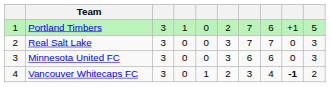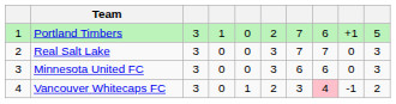 <table class="wikitable" style="text-align: center;">
 <tr>
 <th style="width:28px;"></th>
 <th style="width:200px;">Team</th>
 <th width="28"></th>
 <th width="28"></th>
 <th width="28"></th>
 <th width="28"></th>
 <th width="28"></th>
 <th width="28"></th>
 <th width="28"></th>
 <th width="28"></th>
 </tr>
 <tr bgcolor="#bbf3bb">
 <td>1</td>
 <td style="text-align:left;"><a href='#'>Portland Timbers</a></td>
 <td>3</td>
 <td>1</td>
 <td>0</td>
 <td>2</td>
 <td>7</td>
 <td>6</td>
 <td>+1</td>
 <td>5</td>
 </tr>
 <tr>
 <td>2</td>
 <td style="text-align:left;"><a href='#'>Real Salt Lake</a></td>
 <td>3</td>
 <td>0</td>
 <td>0</td>
 <td>3</td>
 <td>7</td>
 <td>7</td>
 <td>0</td>
 <td>3</td>
 </tr>
 <tr>
 <td>3</td>
 <td style="text-align:left;"><a href='#'>Minnesota United FC</a></td>
 <td>3</td>
 <td>0</td>
 <td>0</td>
 <td>3</td>
 <td>6</td>
 <td>6</td>
 <td>0</td>
 <td>3</td>
 </tr>
 <tr>
 <td>4</td>
 <td style="text-align:left;"><a href='#'>Vancouver Whitecaps FC</a></td>
 <td>3</td>
 <td>0</td>
 <td>1</td>
 <td>2</td>
 <td>3</td>
-<td>4</td>
-<td><strong>-1</strong></td>
+<td style="background: pink;">4</td>
+<td>-1</td>
 <td>2</td>
 </tr>
 </table>
